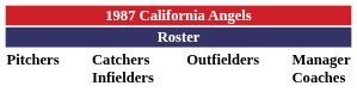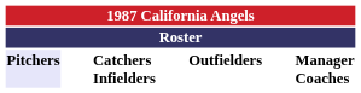 <table class="toccolours" style="font-size: 95%;">
 <tr>
 <th colspan="10" style="background-color: #CE2029; color: #FFFFFF; text-align: center;">1987 California Angels</th>
 </tr>
 <tr>
 <td colspan="10" style="background-color:#333366; color: white; text-align: center;"><strong>Roster</strong></td>
 </tr>
 <tr>
-<td valign="top"><strong>Pitchers</strong><br>               </td>
+<td valign="top" style="background: lavender;"><strong>Pitchers</strong><br>               </td>
 <td width="25px"></td>
 <td valign="top"><strong>Catchers</strong><br>    <strong>Infielders</strong>       </td>
 <td width="25px"></td>
 <td valign="top"><strong>Outfielders</strong><br>         </td>
 <td width="25px"></td>
 <td valign="top"><strong>Manager</strong><br> <strong>Coaches</strong>     </td>
 </tr>
 </table>
